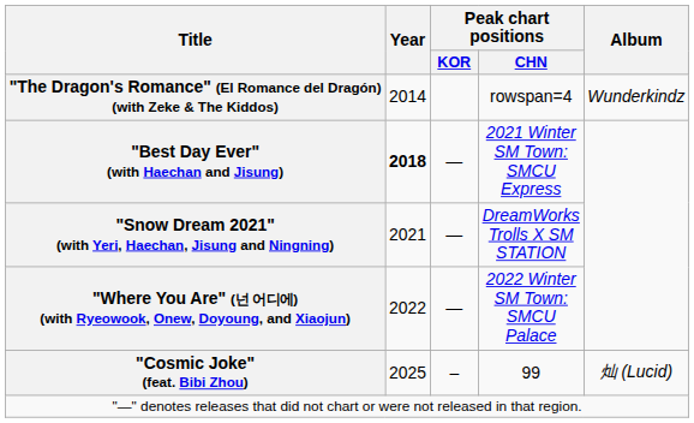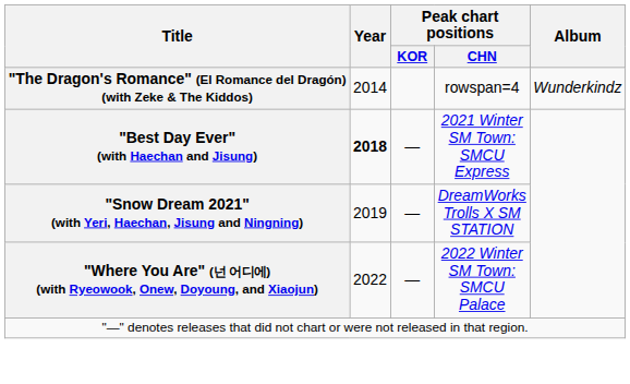 <table class="wikitable plainrowheaders" style="text-align:center;">
 <tr>
 <th scope="col" rowspan="2">Title</th>
 <th scope="col" rowspan="2">Year</th>
 <th scope="col" colspan="2">Peak chart<br>positions</th>
 <th scope="col" rowspan="2">Album</th>
 </tr>
 <tr>
 <th scope="col" style="font-size:90%; width:2.75em"><a href='#'>KOR</a></th>
 <th scope="col" style="font-size:90%; width:2.75em"><a href='#'>CHN</a><br></th>
 </tr>
 <tr>
 <th scope="row">"The Dragon's Romance" <small>(El Romance del Dragón)</small><br><small>(with Zeke & The Kiddos)</small></th>
 <td>2014</td>
 <td></td>
 <td>rowspan=4 </td>
 <td><em>Wunderkindz</em></td>
 </tr>
 <tr>
 <th scope="row">"Best Day Ever"<br><small>(with <a href='#'>Haechan</a> and <a href='#'>Jisung</a>)</small></th>
 <td><strong>2018</strong></td>
 <td>—</td>
 <td><em><a href='#'>2021 Winter SM Town: SMCU Express</a></em></td>
 </tr>
 <tr>
 <th scope="row">"Snow Dream 2021"<br><small>(with <a href='#'>Yeri</a>, <a href='#'>Haechan</a>, <a href='#'>Jisung</a> and <a href='#'>Ningning</a>)</small></th>
-<td>2021</td>
+<td>2019</td>
 <td>—</td>
 <td><em><a href='#'>DreamWorks Trolls X SM STATION</a></em></td>
 </tr>
 <tr>
 <th scope="row">"Where You Are" <small>(넌 어디에)</small><br><small>(with <a href='#'>Ryeowook</a>, <a href='#'>Onew</a>, <a href='#'>Doyoung</a>, and <a href='#'>Xiaojun</a>)</small></th>
 <td>2022</td>
 <td>—</td>
 <td><em><a href='#'>2022 Winter SM Town: SMCU Palace</a></em></td>
 </tr>
 <tr>
-<th scope="row">"Cosmic Joke" <br><small>(feat. <a href='#'>Bibi Zhou</a>)</small></th>
-<td>2025</td>
-<td>–</td>
-<td>99</td>
-<td><em>灿 (Lucid)</em></td>
-</tr>
-<tr>
 <td colspan="5" style="text-align:center; font-size:85%">"—" denotes releases that did not chart or were not released in that region.</td>
 </tr>
 </table>
